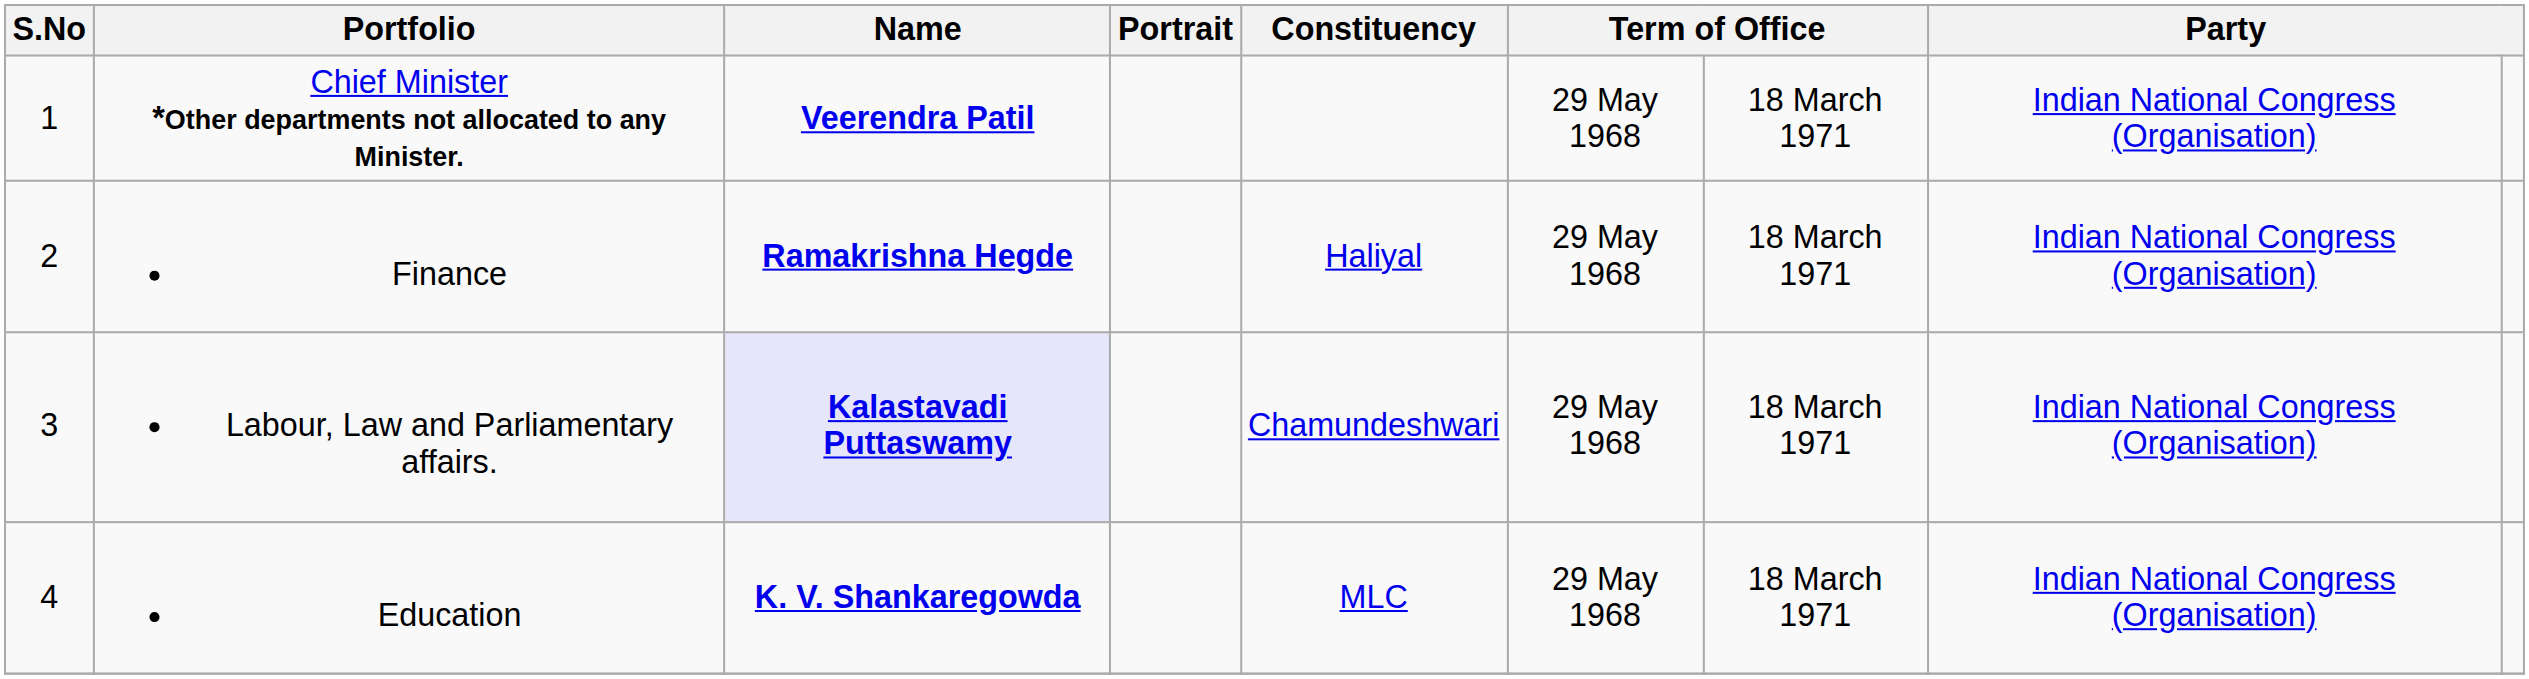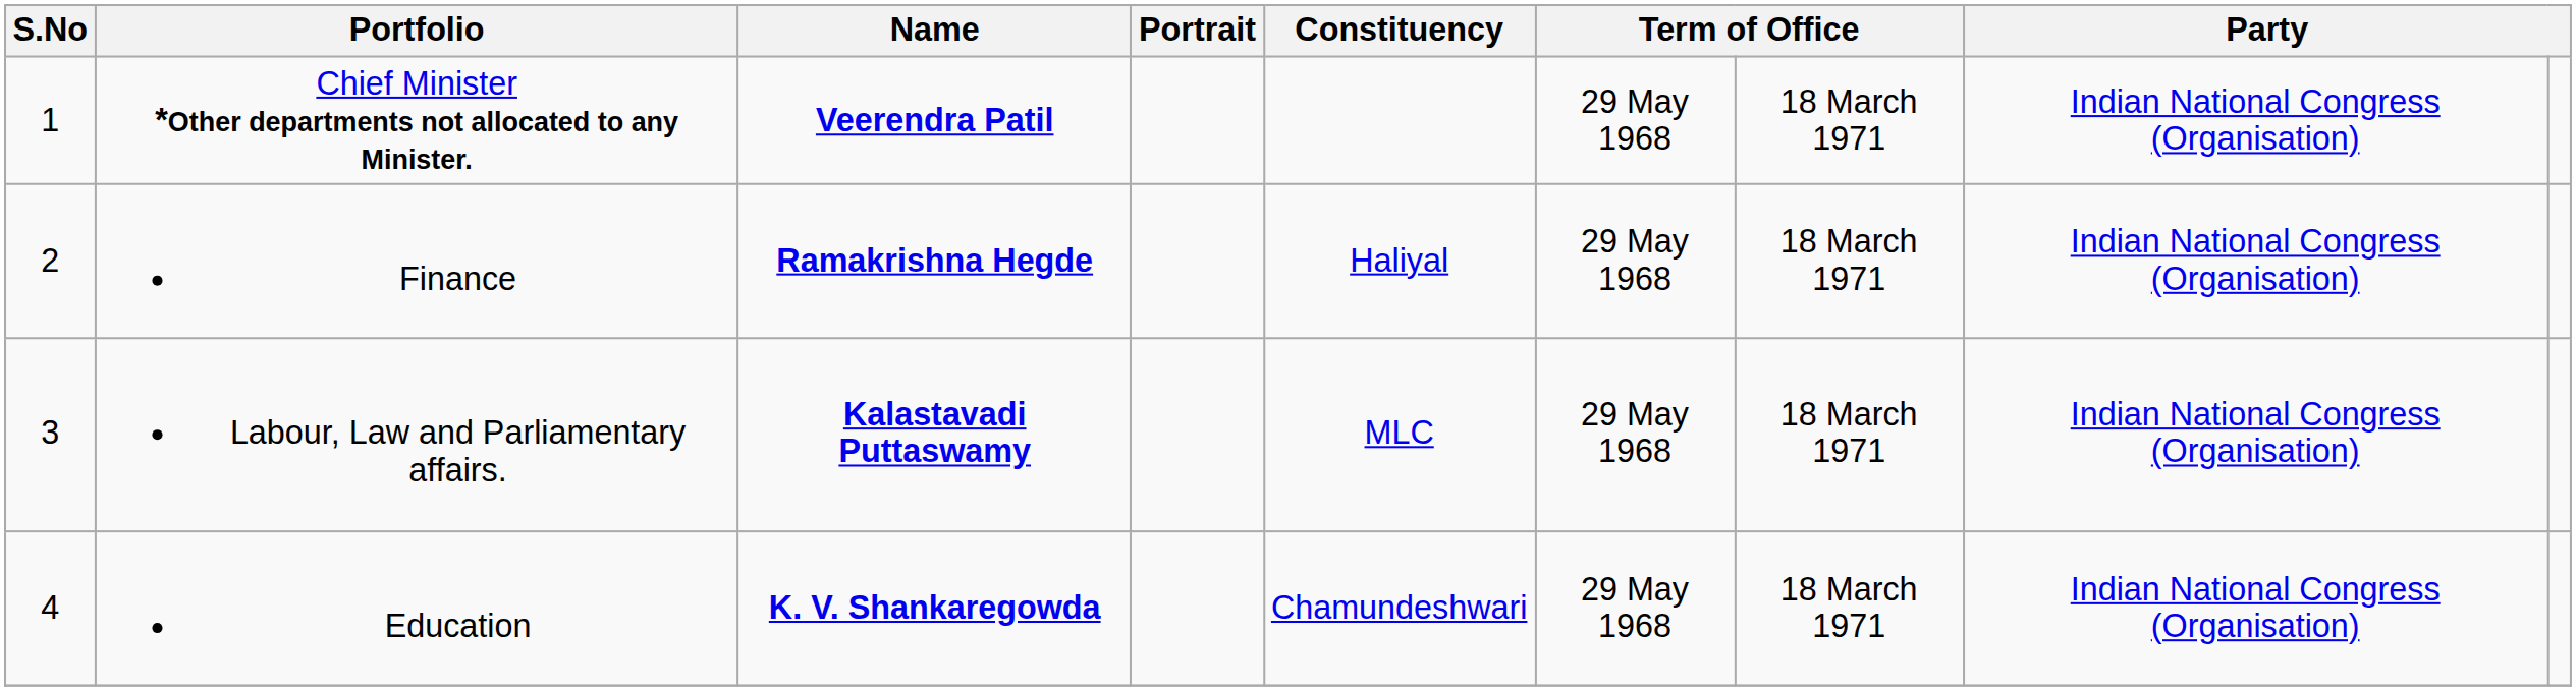 <table class="wikitable sortable" style="text-align:center;">
 <tr>
 <th>S.No</th>
 <th>Portfolio</th>
 <th>Name</th>
 <th>Portrait</th>
 <th>Constituency</th>
 <th colspan="2">Term of Office</th>
 <th colspan="2" scope="col">Party</th>
 </tr>
 <tr>
 <td>1</td>
 <td><a href='#'>Chief Minister</a><br><strong>*<small>Other departments not allocated to any Minister.</small></strong></td>
 <td><strong><a href='#'>Veerendra Patil</a></strong><br></td>
 <td></td>
 <td></td>
 <td>29 May 1968</td>
 <td>18 March 1971</td>
 <td><a href='#'>Indian National Congress (Organisation)</a></td>
 <td width="4px" style="background-color: "></td>
 </tr>
 <tr>
 <td>2</td>
 <td><br><ul><li>Finance</li></ul></td>
 <td><strong><a href='#'>Ramakrishna Hegde</a></strong></td>
 <td></td>
 <td><a href='#'>Haliyal</a></td>
 <td>29 May 1968</td>
 <td>18 March 1971</td>
 <td><a href='#'>Indian National Congress (Organisation)</a></td>
 <td width="4px" style="background-color: "></td>
 </tr>
 <tr style="text-align:center">
 <td>3</td>
 <td><br><ul><li>Labour, Law and Parliamentary affairs.</li></ul></td>
-<td style="background: lavender;"><strong><a href='#'>Kalastavadi Puttaswamy</a></strong></td>
+<td><strong><a href='#'>Kalastavadi Puttaswamy</a></strong></td>
 <td></td>
-<td><a href='#'>Chamundeshwari</a></td>
+<td><a href='#'>MLC</a></td>
 <td>29 May 1968</td>
 <td>18 March 1971</td>
 <td><a href='#'>Indian National Congress (Organisation)</a></td>
 <td width="4px" style="background-color: "></td>
 </tr>
 <tr style="text-align:center">
 <td>4</td>
 <td><br><ul><li>Education</li></ul></td>
 <td><strong><a href='#'>K. V. Shankaregowda</a></strong></td>
 <td></td>
-<td><a href='#'>MLC</a></td>
+<td><a href='#'>Chamundeshwari</a></td>
 <td>29 May 1968</td>
 <td>18 March 1971</td>
 <td><a href='#'>Indian National Congress (Organisation)</a></td>
 <td width="4px" style="background-color: "></td>
 </tr>
 <tr style="text-align:center">
 </tr>
 </table>
